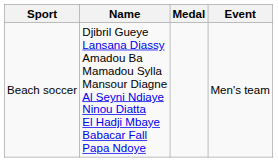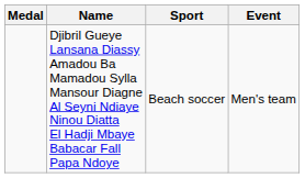 <table class="wikitable sortable" style="font-size: 95%;">
 <tr>
+<th>Medal</th>
+<th>Name</th>
 <th>Sport</th>
-<th>Name</th>
-<th>Medal</th>
 <th>Event</th>
 </tr>
 <tr>
+<td></td>
+<td>Djibril Gueye<br><a href='#'>Lansana Diassy</a><br>Amadou Ba<br>Mamadou Sylla<br>Mansour Diagne<br><a href='#'>Al Seyni Ndiaye</a><br><a href='#'>Ninou Diatta</a><br><a href='#'>El Hadji Mbaye</a><br><a href='#'>Babacar Fall</a><br><a href='#'>Papa Ndoye</a></td>
 <td>Beach soccer</td>
-<td>Djibril Gueye<br><a href='#'>Lansana Diassy</a><br>Amadou Ba<br>Mamadou Sylla<br>Mansour Diagne<br><a href='#'>Al Seyni Ndiaye</a><br><a href='#'>Ninou Diatta</a><br><a href='#'>El Hadji Mbaye</a><br><a href='#'>Babacar Fall</a><br><a href='#'>Papa Ndoye</a></td>
-<td></td>
 <td>Men's team</td>
 </tr>
 </table>
